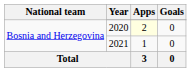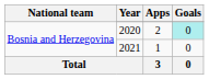 <table class="wikitable" style="text-align:center">
 <tr>
 <th>National team</th>
 <th>Year</th>
 <th>Apps</th>
 <th>Goals</th>
 </tr>
 <tr>
 <td rowspan="3"><a href='#'>Bosnia and Herzegovina</a></td>
 </tr>
 <tr>
 <td>2020</td>
-<td style="background: lightyellow;">2</td>
-<td>0</td>
+<td>2</td>
+<td style="background: paleturquoise;">0</td>
 </tr>
 <tr>
 <td>2021</td>
 <td>1</td>
 <td>0</td>
 </tr>
 <tr>
 <th colspan="2">Total</th>
 <th>3</th>
 <th>0</th>
 </tr>
 </table>
